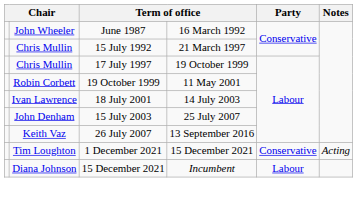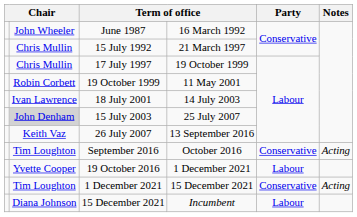 <table class="wikitable" style="text-align:center">
 <tr>
 <th colspan="2">Chair</th>
 <th colspan="2">Term of office</th>
 <th>Party</th>
 <th>Notes</th>
 </tr>
 <tr>
 <td style="color:inherit;background-color: "></td>
 <td><a href='#'>John Wheeler</a></td>
 <td>June 1987</td>
 <td>16 March 1992</td>
 <td rowspan="2"><a href='#'>Conservative</a></td>
 <td rowspan="7"></td>
 </tr>
 <tr>
 <td style="color:inherit;background-color: "></td>
 <td><a href='#'>Chris Mullin</a></td>
 <td>15 July 1992</td>
 <td>21 March 1997</td>
 </tr>
 <tr>
 <td style="color:inherit;background-color: "></td>
 <td><a href='#'>Chris Mullin</a></td>
 <td>17 July 1997</td>
 <td>19 October 1999</td>
 <td rowspan="5"><a href='#'>Labour</a></td>
 </tr>
 <tr>
 <td style="color:inherit;background-color: "></td>
 <td><a href='#'>Robin Corbett</a></td>
 <td>19 October 1999</td>
 <td>11 May 2001</td>
 </tr>
 <tr>
 <td style="color:inherit;background-color: "></td>
 <td><a href='#'>Ivan Lawrence</a></td>
 <td>18 July 2001</td>
 <td>14 July 2003</td>
 </tr>
 <tr>
 <td style="color:inherit;background-color: "></td>
-<td><a href='#'>John Denham</a></td>
+<td style="background: lightgrey;"><a href='#'>John Denham</a></td>
 <td>15 July 2003</td>
 <td>25 July 2007</td>
 </tr>
 <tr>
 <td style="color:inherit;background-color: "></td>
 <td><a href='#'>Keith Vaz</a></td>
 <td>26 July 2007</td>
 <td>13 September 2016</td>
+</tr>
+<tr>
+<td style="color:inherit;background-color: "></td>
+<td><a href='#'>Tim Loughton</a></td>
+<td>September 2016</td>
+<td>October 2016</td>
+<td><a href='#'>Conservative</a></td>
+<td><em>Acting</em></td>
+</tr>
+<tr>
+<td style="color:inherit;background-color: "></td>
+<td><a href='#'>Yvette Cooper</a></td>
+<td>19 October 2016</td>
+<td>1 December 2021</td>
+<td><a href='#'>Labour</a></td>
+<td></td>
 </tr>
 <tr>
 <td style="color:inherit;background-color: "></td>
 <td><a href='#'>Tim Loughton</a></td>
 <td>1 December 2021</td>
 <td>15 December 2021</td>
 <td><a href='#'>Conservative</a></td>
 <td><em>Acting</em></td>
 </tr>
 <tr>
 <td style="color:inherit;background-color: "></td>
 <td><a href='#'>Diana Johnson</a></td>
 <td>15 December 2021</td>
 <td><em>Incumbent</em></td>
 <td><a href='#'>Labour</a></td>
 <td></td>
 </tr>
 </table>
